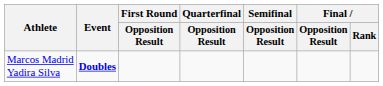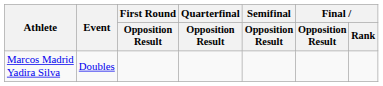 <table class=wikitable style=font-size:90%;text-align:center>
 <tr>
 <th rowspan=2>Athlete</th>
 <th rowspan=2>Event</th>
 <th>First Round</th>
 <th>Quarterfinal</th>
 <th>Semifinal</th>
 <th colspan=2>Final / </th>
 </tr>
 <tr style=font-size:95%>
 <th>Opposition<br>Result</th>
 <th>Opposition<br>Result</th>
 <th>Opposition<br>Result</th>
 <th>Opposition<br>Result</th>
 <th>Rank</th>
 </tr>
 <tr>
 <td align=left><a href='#'>Marcos Madrid</a><br><a href='#'>Yadira Silva</a></td>
-<td align=left><strong><a href='#'>Doubles</a></strong></td>
+<td align=left><a href='#'>Doubles</a></td>
 <td></td>
 <td></td>
 <td></td>
 <td></td>
 <td></td>
 </tr>
 </table>
